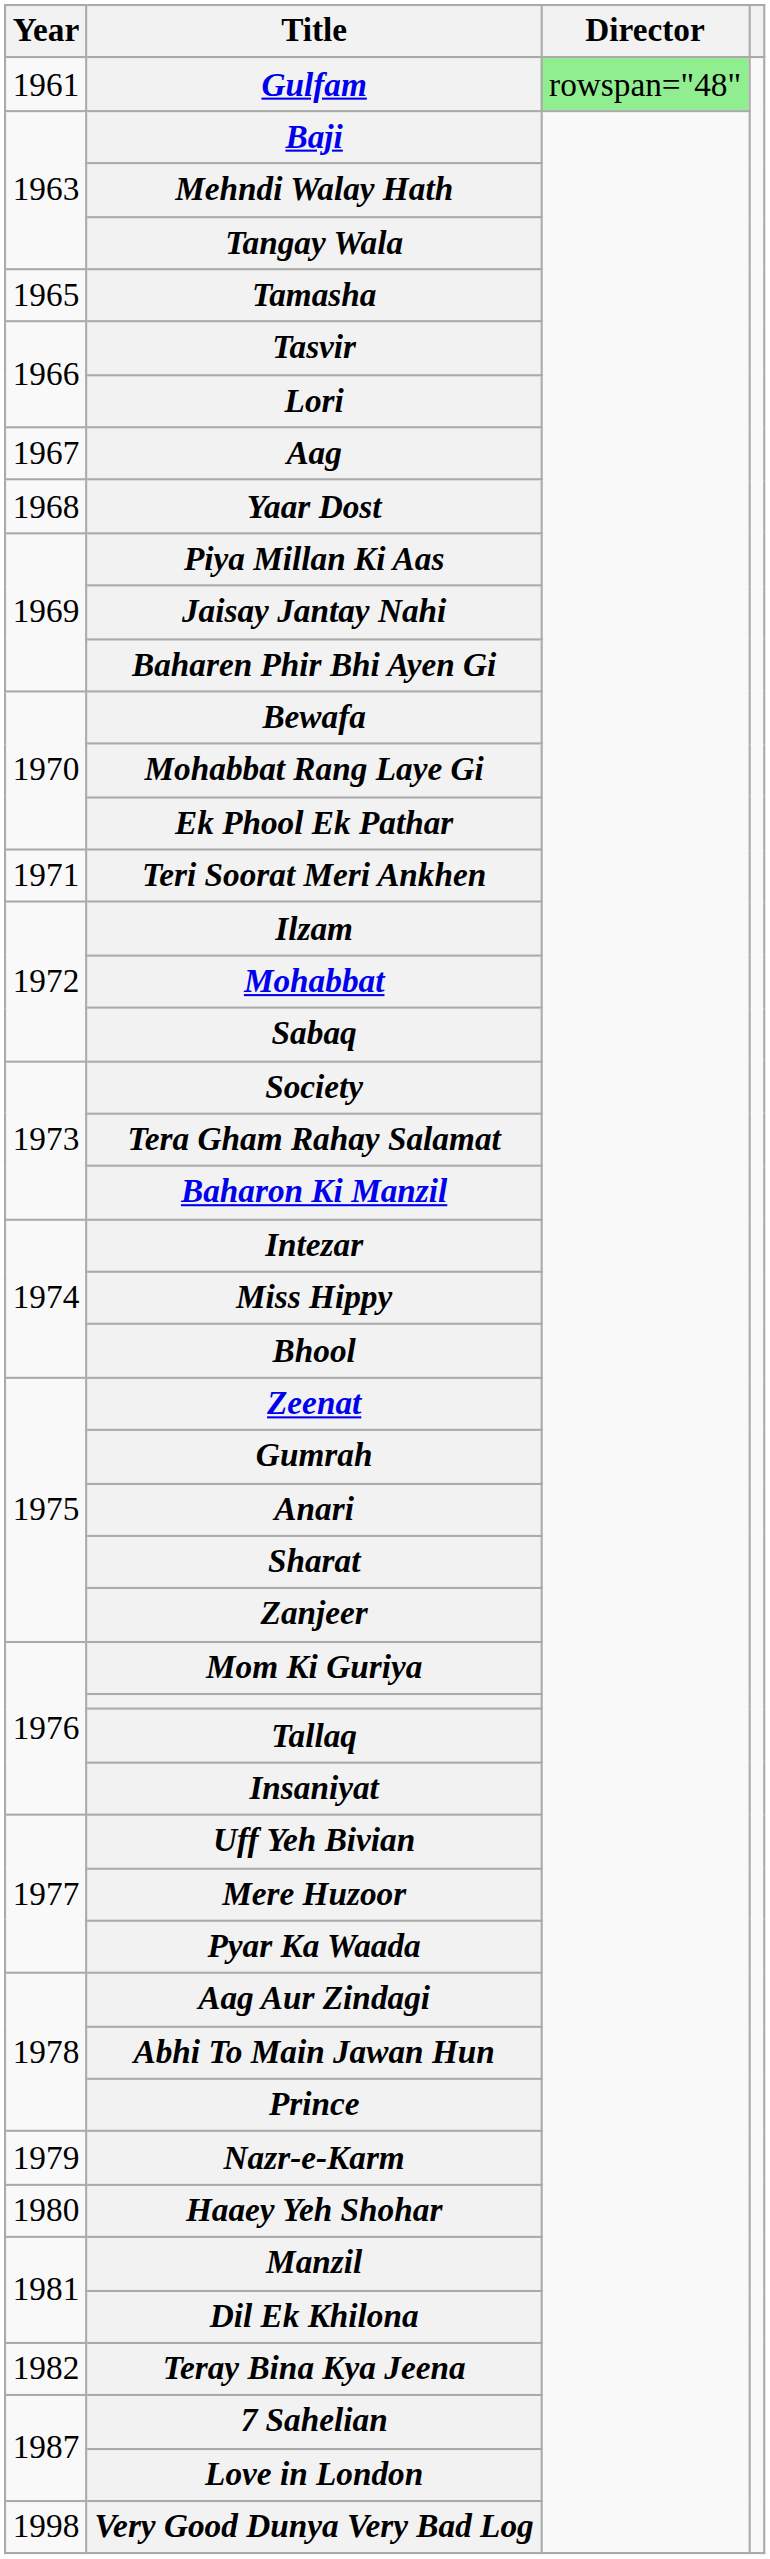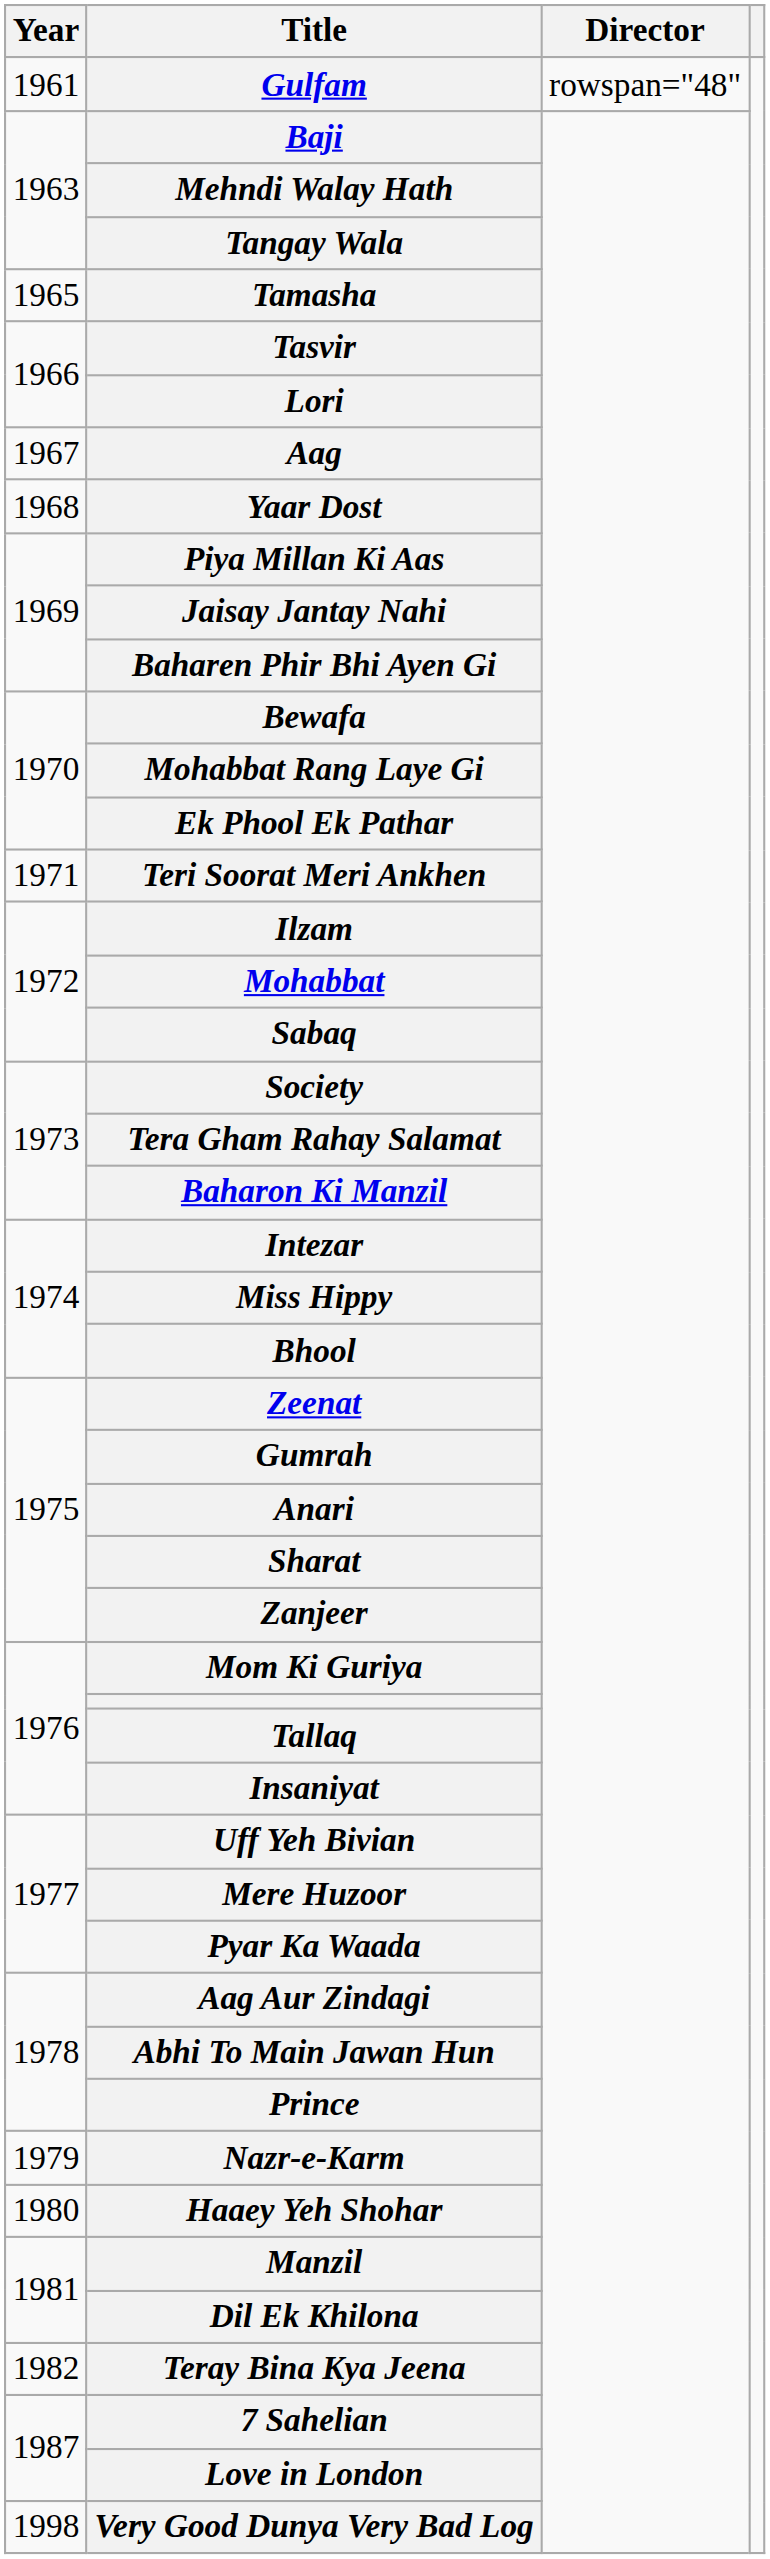 <table class="wikitable plainrowheaders sortable" style="margin-right: 0;">
 <tr>
 <th scope="col">Year</th>
 <th scope="col">Title</th>
 <th scope="col">Director</th>
 <th scope="col" class="unsortable"></th>
 </tr>
 <tr>
 <td>1961</td>
 <th scope="row" align="left"><em><a href='#'>Gulfam</a></em></th>
-<td style="background: lightgreen;">rowspan="48" </td>
+<td>rowspan="48" </td>
 <td rowspan="48"></td>
 </tr>
 <tr>
 <td rowspan="3">1963</td>
 <th scope="row" align="left"><em><a href='#'>Baji</a></em></th>
 </tr>
 <tr>
 <th scope="row" align="left"><em>Mehndi Walay Hath</em></th>
 </tr>
 <tr>
 <th scope="row" align="left"><em>Tangay Wala</em></th>
 </tr>
 <tr>
 <td>1965</td>
 <th scope="row" align="left"><em>Tamasha</em></th>
 </tr>
 <tr>
 <td rowspan="2">1966</td>
 <th scope="row" align="left"><em>Tasvir</em></th>
 </tr>
 <tr>
 <th scope="row" align="left"><em>Lori</em></th>
 </tr>
 <tr>
 <td>1967</td>
 <th scope="row" align="left"><em>Aag</em></th>
 </tr>
 <tr>
 <td>1968</td>
 <th scope="row" align="left"><em>Yaar Dost</em></th>
 </tr>
 <tr>
 <td rowspan="3">1969</td>
 <th scope="row" align="left"><em>Piya Millan Ki Aas</em></th>
 </tr>
 <tr>
 <th scope="row" align="left"><em>Jaisay Jantay Nahi</em></th>
 </tr>
 <tr>
 <th scope="row" align="left"><em>Baharen Phir Bhi Ayen Gi</em></th>
 </tr>
 <tr>
 <td rowspan="3">1970</td>
 <th scope="row" align="left"><em>Bewafa</em></th>
 </tr>
 <tr>
 <th scope="row" align="left"><em>Mohabbat Rang Laye Gi</em></th>
 </tr>
 <tr>
 <th scope="row" align="left"><em>Ek Phool Ek Pathar</em></th>
 </tr>
 <tr>
 <td>1971</td>
 <th scope="row" align="left"><em>Teri Soorat Meri Ankhen</em></th>
 </tr>
 <tr>
 <td rowspan="3">1972</td>
 <th scope="row" align="left"><em>Ilzam</em></th>
 </tr>
 <tr>
 <th scope="row" align="left"><em><a href='#'>Mohabbat</a></em></th>
 </tr>
 <tr>
 <th scope="row" align="left"><em>Sabaq</em></th>
 </tr>
 <tr>
 <td rowspan="3">1973</td>
 <th scope="row" align="left"><em>Society</em></th>
 </tr>
 <tr>
 <th scope="row" align="left"><em>Tera Gham Rahay Salamat</em></th>
 </tr>
 <tr>
 <th scope="row" align="left"><em><a href='#'>Baharon Ki Manzil</a></em></th>
 </tr>
 <tr>
 <td rowspan="3">1974</td>
 <th scope="row" align="left"><em>Intezar</em></th>
 </tr>
 <tr>
 <th scope="row" align="left"><em>Miss Hippy</em></th>
 </tr>
 <tr>
 <th scope="row" align="left"><em>Bhool</em></th>
 </tr>
 <tr>
 <td rowspan="5">1975</td>
 <th scope="row" align="left"><em><a href='#'>Zeenat</a></em></th>
 </tr>
 <tr>
 <th scope="row" align="left"><em>Gumrah</em></th>
 </tr>
 <tr>
 <th scope="row" align="left"><em>Anari</em></th>
 </tr>
 <tr>
 <th scope="row" align="left"><em>Sharat</em></th>
 </tr>
 <tr>
 <th scope="row" align="left"><em>Zanjeer</em></th>
 </tr>
 <tr>
 <td rowspan="4">1976</td>
 <th scope="row" align="left"><em>Mom Ki Guriya</em></th>
 </tr>
 <tr>
 <th scope="row" align="left"></th>
 </tr>
 <tr>
 <th scope="row" align="left"><em>Tallaq</em></th>
 </tr>
 <tr>
 <th scope="row" align="left"><em>Insaniyat</em></th>
 </tr>
 <tr>
 <td rowspan="3">1977</td>
 <th scope="row" align="left"><em>Uff Yeh Bivian</em></th>
 </tr>
 <tr>
 <th scope="row" align="left"><em>Mere Huzoor</em></th>
 </tr>
 <tr>
 <th scope="row" align="left"><em>Pyar Ka Waada</em></th>
 </tr>
 <tr>
 <td rowspan="3">1978</td>
 <th scope="row" align="left"><em>Aag Aur Zindagi</em></th>
 </tr>
 <tr>
 <th scope="row" align="left"><em>Abhi To Main Jawan Hun</em></th>
 </tr>
 <tr>
 <th scope="row" align="left"><em>Prince</em></th>
 </tr>
 <tr>
 <td>1979</td>
 <th scope="row" align="left"><em>Nazr-e-Karm</em></th>
 </tr>
 <tr>
 <td>1980</td>
 <th scope="row" align="left"><em>Haaey Yeh Shohar</em></th>
 </tr>
 <tr>
 <td rowspan="2">1981</td>
 <th scope="row" align="left"><em>Manzil</em></th>
 </tr>
 <tr>
 <th scope="row" align="left"><em>Dil Ek Khilona</em></th>
 </tr>
 <tr>
 <td>1982</td>
 <th scope="row" align="left"><em>Teray Bina Kya Jeena</em></th>
 </tr>
 <tr>
 <td rowspan="2">1987</td>
 <th scope="row" align="left"><em>7 Sahelian</em></th>
 </tr>
 <tr>
 <th scope="row" align="left"><em>Love in London</em></th>
 </tr>
 <tr>
 <td>1998</td>
 <th scope="row" align="left"><em>Very Good Dunya Very Bad Log</em></th>
 </tr>
 </table>
